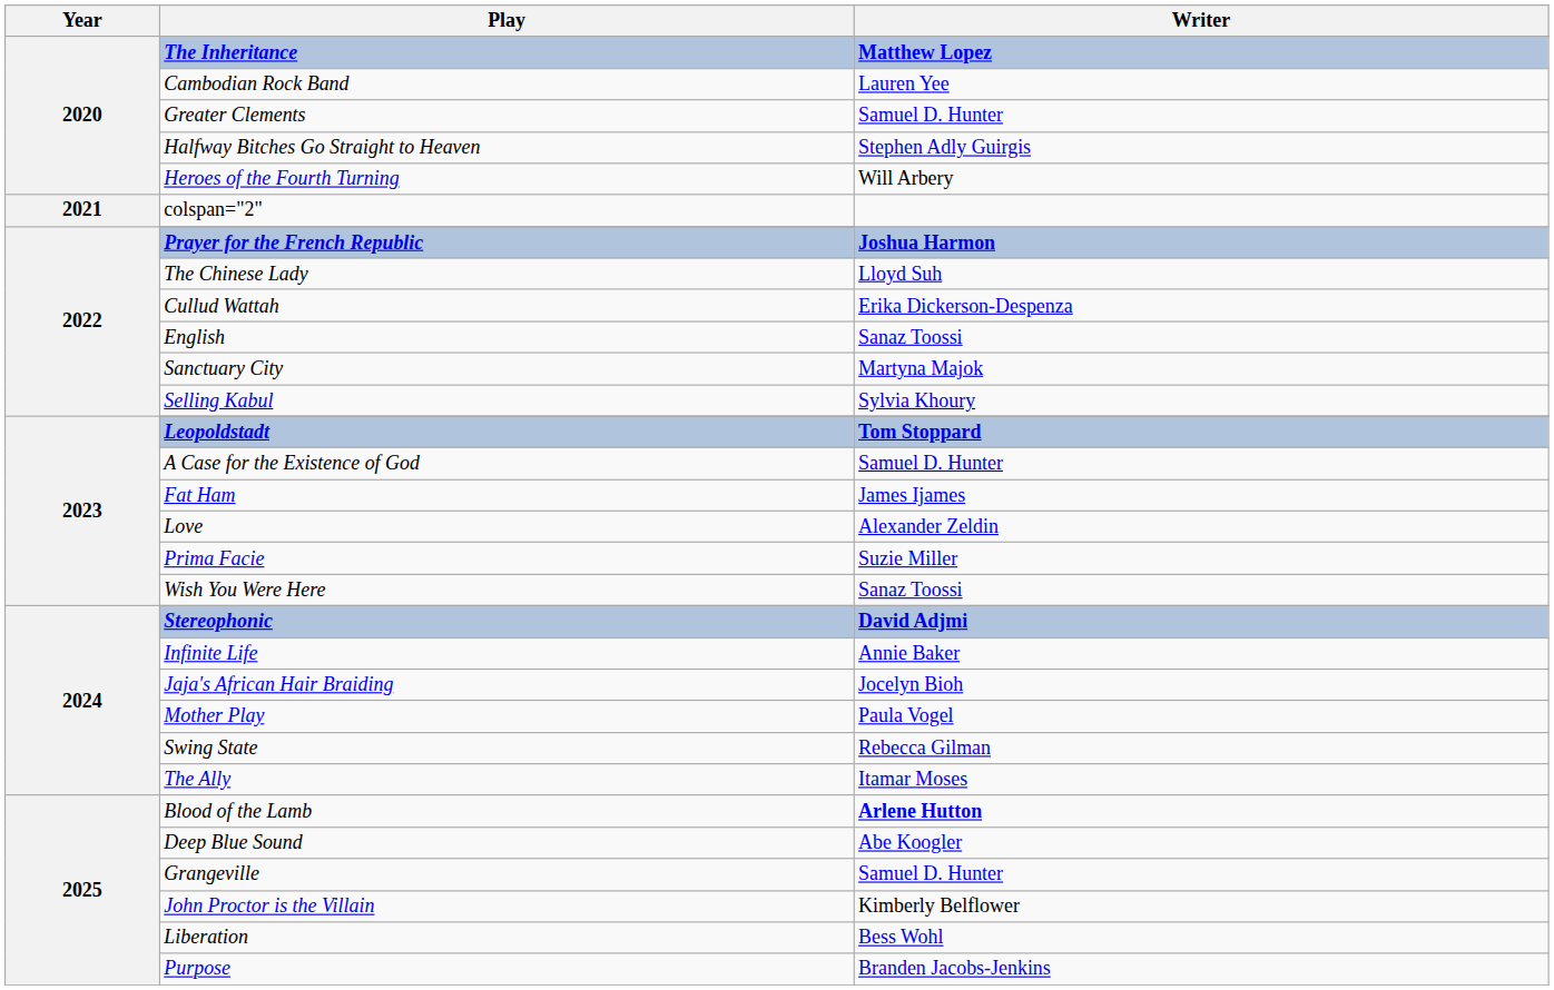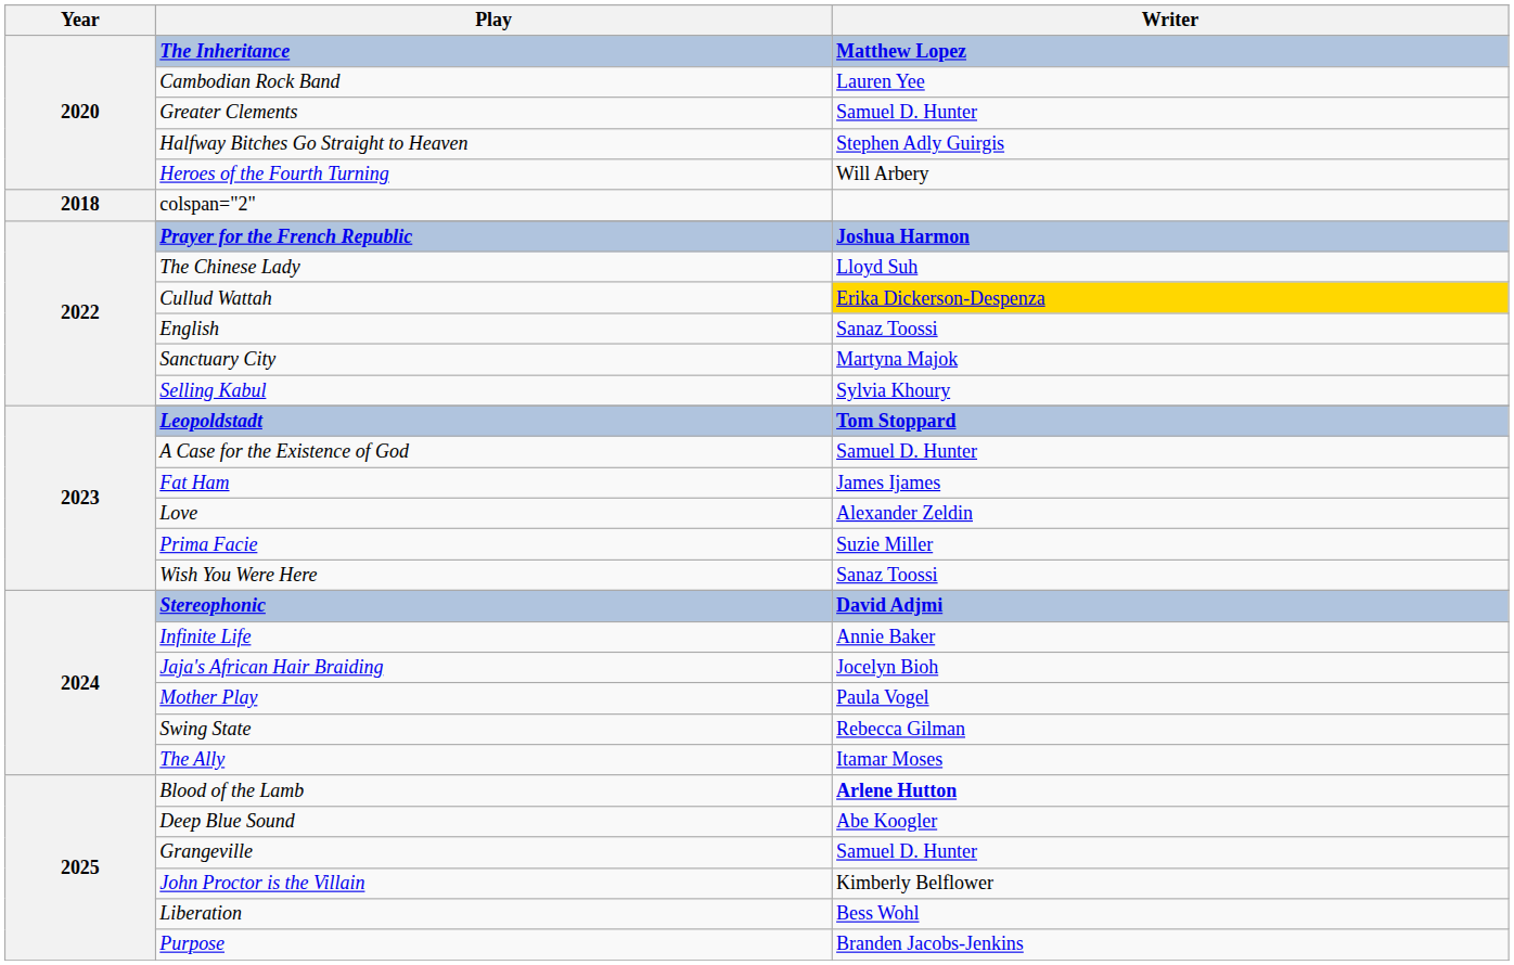 <table class="wikitable" style="width:98%;">
 <tr style="background:#bebebe;">
 <th style="width:10%;">Year</th>
 <th style="width:45%;">Play</th>
 <th style="width:45%;">Writer</th>
 </tr>
 <tr>
 <th rowspan="6">2020</th>
 </tr>
 <tr style="background:#B0C4DE">
 <td><strong><em><a href='#'>The Inheritance</a></em></strong></td>
 <td><strong><a href='#'>Matthew Lopez</a></strong></td>
 </tr>
 <tr>
 <td><em>Cambodian Rock Band</em></td>
 <td><a href='#'>Lauren Yee</a></td>
 </tr>
 <tr>
 <td><em>Greater Clements</em></td>
 <td><a href='#'>Samuel D. Hunter</a></td>
 </tr>
 <tr>
 <td><em>Halfway Bitches Go Straight to Heaven</em></td>
 <td><a href='#'>Stephen Adly Guirgis</a></td>
 </tr>
 <tr>
 <td><em><a href='#'>Heroes of the Fourth Turning</a></em></td>
 <td>Will Arbery</td>
 </tr>
 <tr>
-<th>2021</th>
+<th>2018</th>
 <td>colspan="2" </td>
 </tr>
 <tr>
 <th rowspan="7">2022</th>
 </tr>
 <tr style="background:#B0C4DE">
 <td><strong><em><a href='#'>Prayer for the French Republic</a></em></strong></td>
 <td><strong><a href='#'>Joshua Harmon</a></strong></td>
 </tr>
 <tr>
 <td><em>The Chinese Lady</em></td>
 <td><a href='#'>Lloyd Suh</a></td>
 </tr>
 <tr>
 <td><em>Cullud Wattah</em></td>
-<td><a href='#'>Erika Dickerson-Despenza</a></td>
+<td style="background: gold;"><a href='#'>Erika Dickerson-Despenza</a></td>
 </tr>
 <tr>
 <td><em>English</em></td>
 <td><a href='#'>Sanaz Toossi</a></td>
 </tr>
 <tr>
 <td><em>Sanctuary City</em></td>
 <td><a href='#'>Martyna Majok</a></td>
 </tr>
 <tr>
 <td><em><a href='#'>Selling Kabul</a></em></td>
 <td><a href='#'>Sylvia Khoury</a></td>
 </tr>
 <tr>
 <th rowspan="7">2023</th>
 </tr>
 <tr style="background:#B0C4DE">
 <td><strong><em><a href='#'>Leopoldstadt</a></em></strong></td>
 <td><strong><a href='#'>Tom Stoppard</a></strong></td>
 </tr>
 <tr>
 <td><em>A Case for the Existence of God</em></td>
 <td><a href='#'>Samuel D. Hunter</a></td>
 </tr>
 <tr>
 <td><em><a href='#'>Fat Ham</a></em></td>
 <td><a href='#'>James Ijames</a></td>
 </tr>
 <tr>
 <td><em>Love</em></td>
 <td><a href='#'>Alexander Zeldin</a></td>
 </tr>
 <tr>
 <td><em><a href='#'>Prima Facie</a></em></td>
 <td><a href='#'>Suzie Miller</a></td>
 </tr>
 <tr>
 <td><em>Wish You Were Here</em></td>
 <td><a href='#'>Sanaz Toossi</a></td>
 </tr>
 <tr>
 <th rowspan="7">2024</th>
 </tr>
 <tr style="background:#B0C4DE">
 <td><strong><em><a href='#'>Stereophonic</a></em></strong></td>
 <td><strong><a href='#'>David Adjmi</a></strong></td>
 </tr>
 <tr>
 <td><em><a href='#'>Infinite Life</a></em></td>
 <td><a href='#'>Annie Baker</a></td>
 </tr>
 <tr>
 <td><em><a href='#'>Jaja's African Hair Braiding</a></em></td>
 <td><a href='#'>Jocelyn Bioh</a></td>
 </tr>
 <tr>
 <td><em><a href='#'>Mother Play</a></em></td>
 <td><a href='#'>Paula Vogel</a></td>
 </tr>
 <tr>
 <td><em>Swing State</em></td>
 <td><a href='#'>Rebecca Gilman</a></td>
 </tr>
 <tr>
 <td><em><a href='#'>The Ally</a></em></td>
 <td><a href='#'>Itamar Moses</a></td>
 </tr>
 <tr>
 <th rowspan="6">2025</th>
 <td><em>Blood of the Lamb</em></td>
 <td><strong><a href='#'>Arlene Hutton</a></strong></td>
 </tr>
 <tr>
 <td><em>Deep Blue Sound</em></td>
 <td><a href='#'>Abe Koogler</a></td>
 </tr>
 <tr>
 <td><em>Grangeville</em></td>
 <td><a href='#'>Samuel D. Hunter</a></td>
 </tr>
 <tr>
 <td><em><a href='#'>John Proctor is the Villain</a></em></td>
 <td>Kimberly Belflower</td>
 </tr>
 <tr>
 <td><em>Liberation</em></td>
 <td><a href='#'>Bess Wohl</a></td>
 </tr>
 <tr>
 <td><em><a href='#'>Purpose</a></em></td>
 <td><a href='#'>Branden Jacobs-Jenkins</a></td>
 </tr>
 <tr>
 </tr>
 </table>
